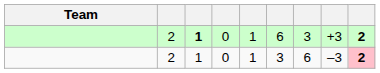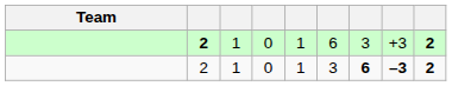 <table class="wikitable" style="text-align:center">
 <tr>
 <th width=175>Team</th>
 <th width=25></th>
 <th width=25></th>
 <th width=25></th>
 <th width=25></th>
 <th width=25></th>
 <th width=25></th>
 <th width=25></th>
 <th width=25></th>
 </tr>
 <tr align=center bgcolor=#ccffcc>
 <td align=left></td>
-<td>2</td>
-<td><strong>1</strong></td>
+<td><strong>2</strong></td>
+<td>1</td>
 <td>0</td>
 <td>1</td>
 <td>6</td>
 <td>3</td>
 <td>+3</td>
 <td><strong>2</strong></td>
 </tr>
 <tr>
 <td align=left></td>
 <td>2</td>
 <td>1</td>
 <td>0</td>
 <td>1</td>
 <td>3</td>
-<td>6</td>
-<td>–3</td>
-<td style="background: pink;"><strong>2</strong></td>
+<td><strong>6</strong></td>
+<td><strong>–3</strong></td>
+<td><strong>2</strong></td>
 </tr>
 </table>
